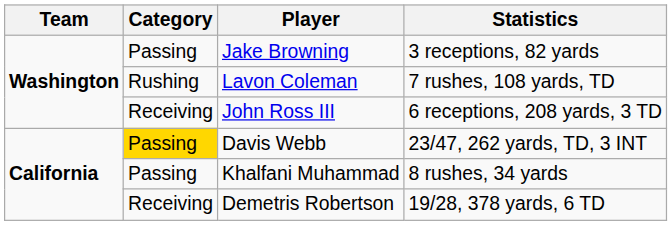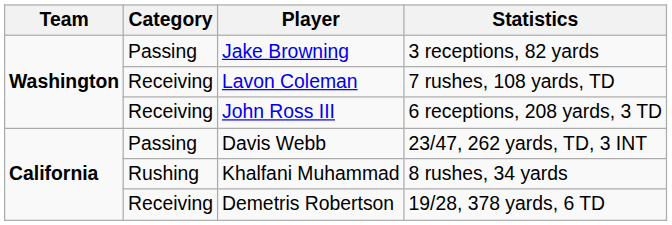 <table class="wikitable" style="float: left;">
 <tr>
 <th>Team</th>
 <th>Category</th>
 <th>Player</th>
 <th>Statistics</th>
 </tr>
 <tr>
 <td rowspan=3><strong>Washington</strong></td>
 <td>Passing</td>
 <td><a href='#'>Jake Browning</a></td>
 <td>3 receptions, 82 yards</td>
 </tr>
 <tr>
-<td>Rushing</td>
+<td>Receiving</td>
 <td><a href='#'>Lavon Coleman</a></td>
 <td>7 rushes, 108 yards, TD</td>
 </tr>
 <tr>
 <td>Receiving</td>
 <td><a href='#'>John Ross III</a></td>
 <td>6 receptions, 208 yards, 3 TD</td>
 </tr>
 <tr>
 <td rowspan=3><strong>California</strong></td>
-<td style="background: gold;">Passing</td>
+<td>Passing</td>
 <td>Davis Webb</td>
 <td>23/47, 262 yards, TD, 3 INT</td>
 </tr>
 <tr>
-<td>Passing</td>
+<td>Rushing</td>
 <td>Khalfani Muhammad</td>
 <td>8 rushes, 34 yards</td>
 </tr>
 <tr>
 <td>Receiving</td>
 <td>Demetris Robertson</td>
 <td>19/28, 378 yards, 6 TD</td>
 </tr>
 </table>
